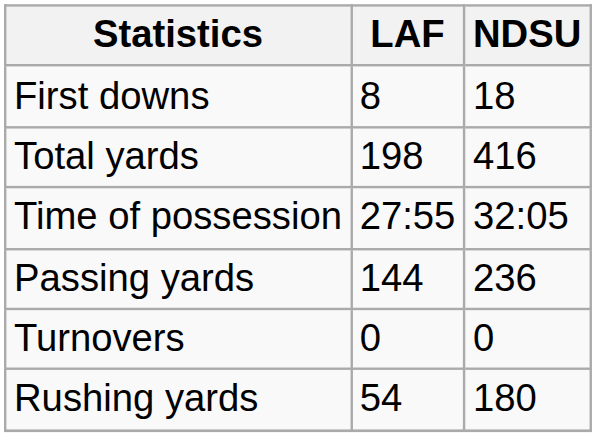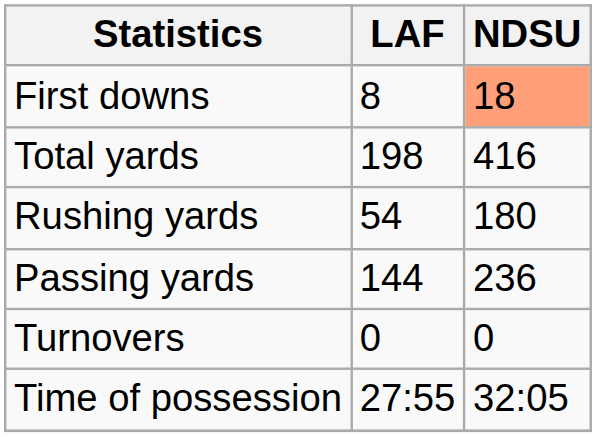 <table class="wikitable" style="float: left;">
 <tr>
 <th>Statistics</th>
 <th>LAF</th>
 <th>NDSU</th>
 </tr>
 <tr>
 <td>First downs</td>
 <td>8</td>
-<td>18</td>
+<td style="background: lightsalmon;">18</td>
 </tr>
 <tr>
 <td>Total yards</td>
 <td>198</td>
 <td>416</td>
 </tr>
 <tr>
-<td>Time of possession</td>
-<td>27:55</td>
-<td>32:05</td>
+<td>Rushing yards</td>
+<td>54</td>
+<td>180</td>
 </tr>
 <tr>
 <td>Passing yards</td>
 <td>144</td>
 <td>236</td>
 </tr>
 <tr>
 <td>Turnovers</td>
 <td>0</td>
 <td>0</td>
 </tr>
 <tr>
-<td>Rushing yards</td>
-<td>54</td>
-<td>180</td>
+<td>Time of possession</td>
+<td>27:55</td>
+<td>32:05</td>
 </tr>
 <tr>
 </tr>
 </table>
